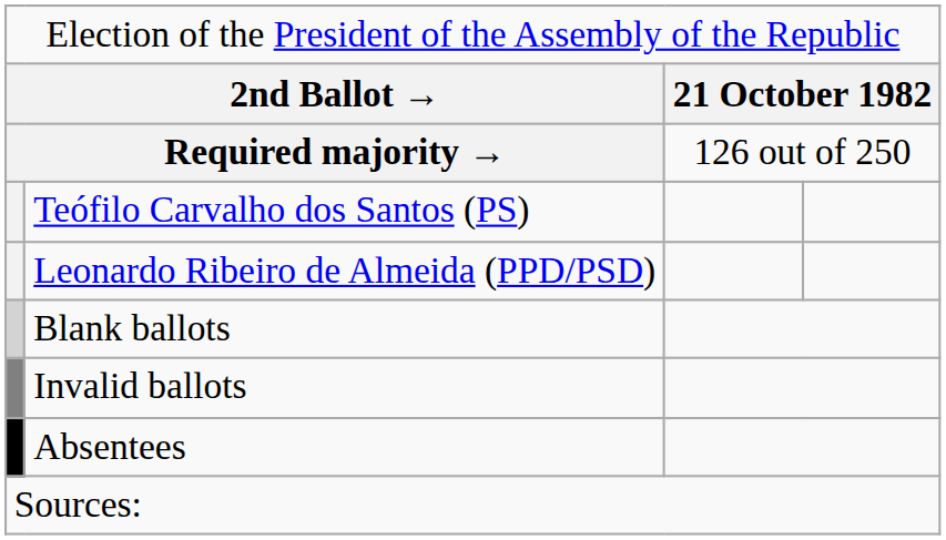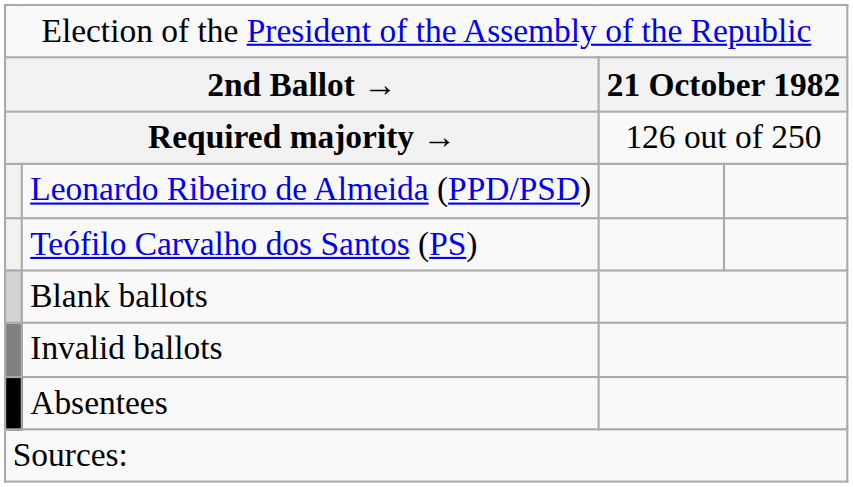 <table class="wikitable" style="text-align:center;">
 <tr>
 <td colspan="4" align="center">Election of the <a href='#'>President of the Assembly of the Republic</a></td>
 </tr>
 <tr>
 <th colspan="2" width="225px">2nd Ballot →</th>
 <th colspan="2">21 October 1982</th>
 </tr>
 <tr>
 <th colspan="2">Required majority →</th>
 <td colspan="2">126 out of 250</td>
 </tr>
 <tr>
 <th width="1px" style="background:"></th>
-<td align="left"><a href='#'>Teófilo Carvalho dos Santos</a> (<a href='#'>PS</a>)</td>
+<td align="left"><a href='#'>Leonardo Ribeiro de Almeida</a> (<a href='#'>PPD/PSD</a>)</td>
 <td></td>
 <td></td>
 </tr>
 <tr>
 <th width="1px" style="background:"></th>
-<td align="left"><a href='#'>Leonardo Ribeiro de Almeida</a> (<a href='#'>PPD/PSD</a>)</td>
+<td align="left"><a href='#'>Teófilo Carvalho dos Santos</a> (<a href='#'>PS</a>)</td>
 <td></td>
 <td></td>
 </tr>
 <tr>
 <th style="background:lightgray;"></th>
 <td align="left">Blank ballots</td>
 <td colspan="2"></td>
 </tr>
 <tr>
 <th style="background:gray;"></th>
 <td align="left">Invalid ballots</td>
 <td colspan="2"></td>
 </tr>
 <tr>
 <th style="background:black;"></th>
 <td align="left">Absentees</td>
 <td colspan="2"></td>
 </tr>
 <tr>
 <td align="left" colspan="4">Sources: </td>
 </tr>
 </table>
